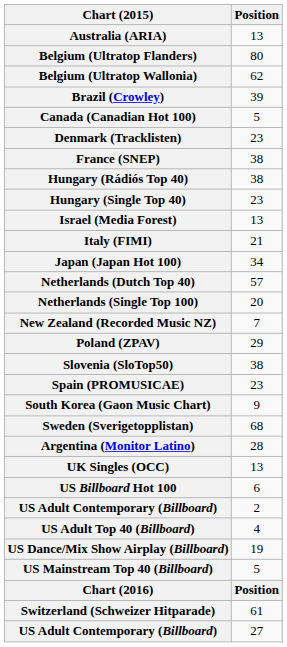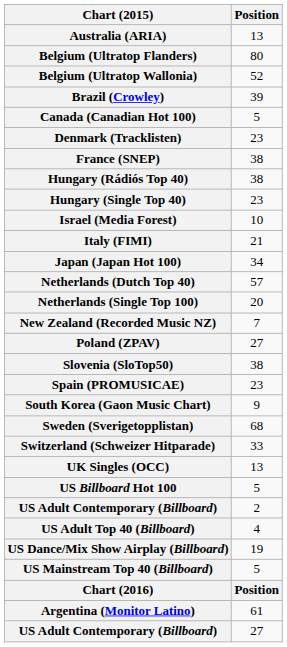 <table class="wikitable plainrowheaders sortable" style="text-align:center">
 <tr>
 <th scope="col">Chart (2015)</th>
 <th scope="col">Position</th>
 </tr>
 <tr>
 <th scope="row">Australia (ARIA)</th>
 <td>13</td>
 </tr>
 <tr>
 <th scope="row">Belgium (Ultratop Flanders)</th>
 <td>80</td>
 </tr>
 <tr>
 <th scope="row">Belgium (Ultratop Wallonia)</th>
-<td>62</td>
+<td>52</td>
 </tr>
 <tr>
 <th scope="row">Brazil (<a href='#'>Crowley</a>)</th>
 <td>39</td>
 </tr>
 <tr>
 <th scope="row">Canada (Canadian Hot 100)</th>
 <td>5</td>
 </tr>
 <tr>
 <th scope="row">Denmark (Tracklisten)</th>
 <td>23</td>
 </tr>
 <tr>
 <th scope="row">France (SNEP)</th>
 <td>38</td>
 </tr>
 <tr>
 <th scope="row">Hungary (Rádiós Top 40)</th>
 <td>38</td>
 </tr>
 <tr>
 <th scope="row">Hungary (Single Top 40)</th>
 <td>23</td>
 </tr>
 <tr>
 <th scope="row">Israel (Media Forest)</th>
-<td>13</td>
+<td>10</td>
 </tr>
 <tr>
 <th scope="row">Italy (FIMI)</th>
 <td>21</td>
 </tr>
 <tr>
 <th scope="row">Japan (Japan Hot 100)</th>
 <td>34</td>
 </tr>
 <tr>
 <th scope="row">Netherlands (Dutch Top 40)</th>
 <td>57</td>
 </tr>
 <tr>
 <th scope="row">Netherlands (Single Top 100)</th>
 <td>20</td>
 </tr>
 <tr>
 <th scope="row">New Zealand (Recorded Music NZ)</th>
 <td>7</td>
 </tr>
 <tr>
 <th scope="row">Poland (ZPAV)</th>
-<td>29</td>
+<td>27</td>
 </tr>
 <tr>
 <th scope="row">Slovenia (SloTop50)</th>
 <td align=center>38</td>
 </tr>
 <tr>
 <th scope="row">Spain (PROMUSICAE)</th>
 <td>23</td>
 </tr>
 <tr>
 <th scope="row">South Korea (Gaon Music Chart)</th>
 <td>9</td>
 </tr>
 <tr>
 <th scope="row">Sweden (Sverigetopplistan)</th>
 <td>68</td>
 </tr>
 <tr>
-<th scope="row">Argentina (<a href='#'>Monitor Latino</a>)</th>
-<td>28</td>
+<th scope="row">Switzerland (Schweizer Hitparade)</th>
+<td>33</td>
 </tr>
 <tr>
 <th scope="row">UK Singles (OCC)</th>
 <td>13</td>
 </tr>
 <tr>
 <th scope="row">US <em>Billboard</em> Hot 100</th>
-<td>6</td>
+<td>5</td>
 </tr>
 <tr>
 <th scope="row">US Adult Contemporary (<em>Billboard</em>)</th>
 <td>2</td>
 </tr>
 <tr>
 <th scope="row">US Adult Top 40 (<em>Billboard</em>)</th>
 <td>4</td>
 </tr>
 <tr>
 <th scope="row">US  Dance/Mix Show Airplay (<em>Billboard</em>)</th>
 <td>19</td>
 </tr>
 <tr>
 <th scope="row">US Mainstream Top 40 (<em>Billboard</em>)</th>
 <td>5</td>
 </tr>
 <tr>
 <th scope="col">Chart (2016)</th>
 <th scope="col">Position</th>
 </tr>
 <tr>
-<th scope="row">Switzerland (Schweizer Hitparade)</th>
+<th scope="row">Argentina (<a href='#'>Monitor Latino</a>)</th>
 <td>61</td>
 </tr>
 <tr>
 <th scope="row">US Adult Contemporary (<em>Billboard</em>)</th>
 <td>27</td>
 </tr>
 </table>
